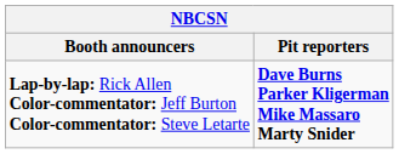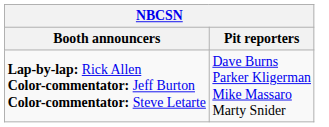 <table class="wikitable" style="font-size: 95%;">
 <tr>
 <th colspan="2"><a href='#'>NBCSN</a></th>
 </tr>
 <tr>
 <th>Booth announcers</th>
 <th>Pit reporters</th>
 </tr>
 <tr>
 <td><strong>Lap-by-lap:</strong> <a href='#'>Rick Allen</a><br><strong>Color-commentator:</strong> <a href='#'>Jeff Burton</a><br><strong>Color-commentator:</strong> <a href='#'>Steve Letarte</a></td>
-<td><strong><a href='#'>Dave Burns</a><br><a href='#'>Parker Kligerman</a><br><a href='#'>Mike Massaro</a><br>Marty Snider</strong></td>
+<td><a href='#'>Dave Burns</a><br><a href='#'>Parker Kligerman</a><br><a href='#'>Mike Massaro</a><br>Marty Snider</td>
 </tr>
 </table>
